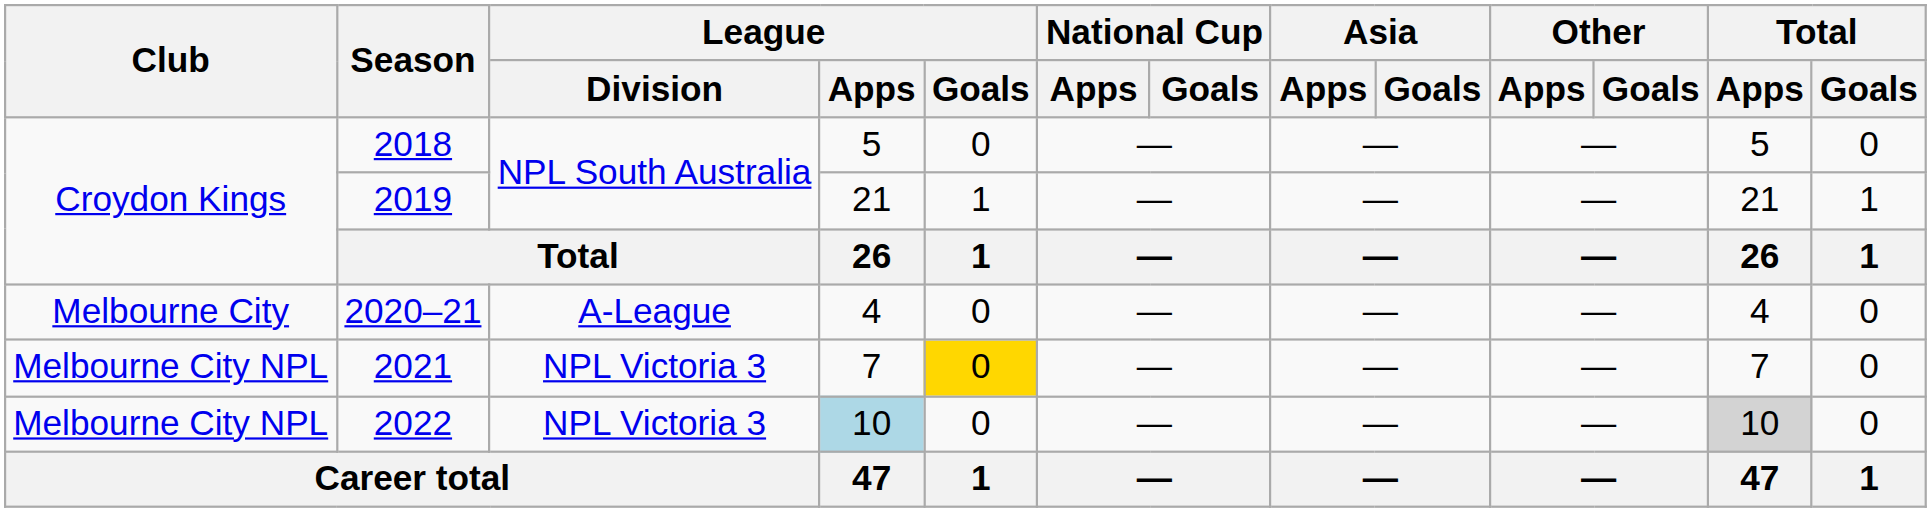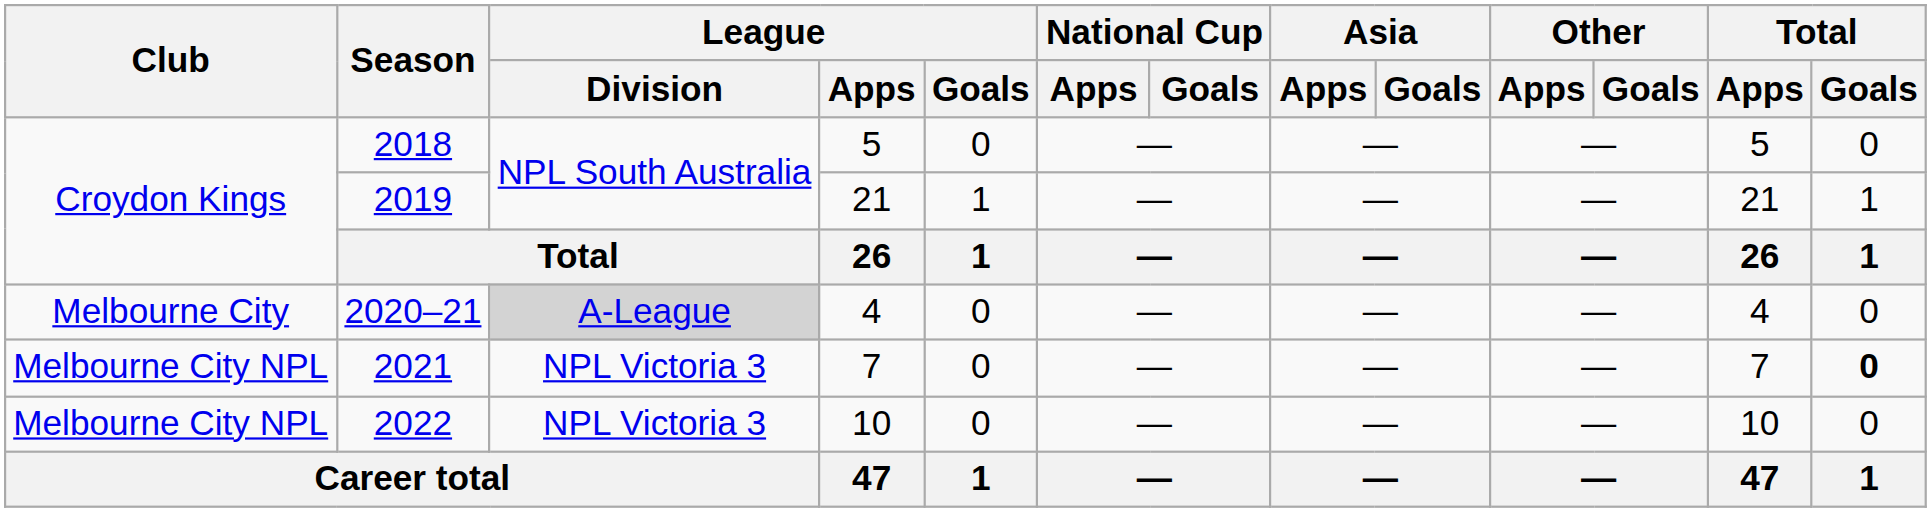 <table class="wikitable" style="text-align:center">
 <tr>
 <th rowspan=2>Club</th>
 <th rowspan=2>Season</th>
 <th colspan=3>League</th>
 <th colspan=2>National Cup</th>
 <th colspan=2>Asia</th>
 <th colspan=2>Other</th>
 <th colspan=2>Total</th>
 </tr>
 <tr>
 <th>Division</th>
 <th>Apps</th>
 <th>Goals</th>
 <th>Apps</th>
 <th>Goals</th>
 <th>Apps</th>
 <th>Goals</th>
 <th>Apps</th>
 <th>Goals</th>
 <th>Apps</th>
 <th>Goals</th>
 </tr>
 <tr>
 <td rowspan="3"><a href='#'>Croydon Kings</a></td>
 <td><a href='#'>2018</a></td>
 <td rowspan="2"><a href='#'>NPL South Australia</a></td>
 <td>5</td>
 <td>0</td>
 <td colspan="2">—</td>
 <td colspan="2">—</td>
 <td colspan="2">—</td>
 <td>5</td>
 <td>0</td>
 </tr>
 <tr>
 <td><a href='#'>2019</a></td>
 <td>21</td>
 <td>1</td>
 <td colspan="2">—</td>
 <td colspan="2">—</td>
 <td colspan="2">—</td>
 <td>21</td>
 <td>1</td>
 </tr>
 <tr>
 <th colspan="2">Total</th>
 <th>26</th>
 <th>1</th>
 <th colspan="2">—</th>
 <th colspan="2">—</th>
 <th colspan="2">—</th>
 <th>26</th>
 <th>1</th>
 </tr>
 <tr>
 <td><a href='#'>Melbourne City</a></td>
 <td><a href='#'>2020–21</a></td>
-<td><a href='#'>A-League</a></td>
+<td style="background: lightgrey;"><a href='#'>A-League</a></td>
 <td>4</td>
 <td>0</td>
 <td colspan="2">—</td>
 <td colspan="2">—</td>
 <td colspan="2">—</td>
 <td>4</td>
 <td>0</td>
 </tr>
 <tr>
 <td><a href='#'>Melbourne City NPL</a></td>
 <td><a href='#'>2021</a></td>
 <td><a href='#'>NPL Victoria 3</a></td>
 <td>7</td>
-<td style="background: gold;">0</td>
+<td>0</td>
 <td colspan="2">—</td>
 <td colspan="2">—</td>
 <td colspan="2">—</td>
 <td>7</td>
-<td>0</td>
+<td><strong>0</strong></td>
 </tr>
 <tr>
 <td><a href='#'>Melbourne City NPL</a></td>
 <td><a href='#'>2022</a></td>
 <td><a href='#'>NPL Victoria 3</a></td>
-<td style="background: lightblue;">10</td>
+<td>10</td>
 <td>0</td>
 <td colspan="2">—</td>
 <td colspan="2">—</td>
 <td colspan="2">—</td>
-<td style="background: lightgrey;">10</td>
+<td>10</td>
 <td>0</td>
 </tr>
 <tr>
 <th colspan="3">Career total</th>
 <th>47</th>
 <th>1</th>
 <th colspan="2">—</th>
 <th colspan="2">—</th>
 <th colspan="2">—</th>
 <th>47</th>
 <th>1</th>
 </tr>
 </table>
